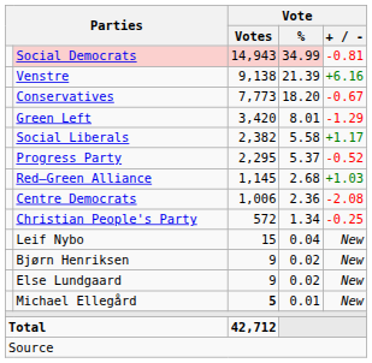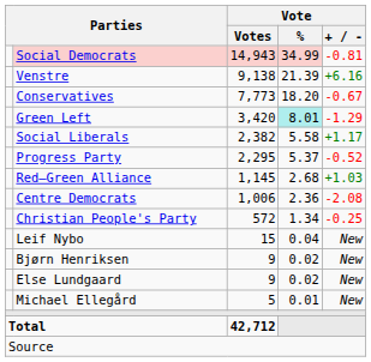 <table class="wikitable" style="text-align:right;">
 <tr>
 <th style="text-align:centre;" rowspan="2" colspan="2" width="225">Parties</th>
 <th colspan="3">Vote</th>
 </tr>
 <tr>
 <th width="15">Votes</th>
 <th width="15">%</th>
 <th width="15">+ / -</th>
 </tr>
 <tr>
 <td width="2" style="color:inherit;background:"></td>
 <td bgcolor=#fbd0ce  align="left"><a href='#'>Social Democrats</a></td>
 <td bgcolor=#fbd0ce>14,943</td>
 <td bgcolor=#fbd0ce>34.99</td>
 <td style=color:red;>-0.81</td>
 </tr>
 <tr>
 <td width="2" style="color:inherit;background:"></td>
 <td align="left"><a href='#'>Venstre</a></td>
 <td>9,138</td>
 <td>21.39</td>
 <td style=color:green;>+6.16</td>
 </tr>
 <tr>
 <td width="2" style="color:inherit;background:"></td>
 <td align="left"><a href='#'>Conservatives</a></td>
 <td>7,773</td>
 <td>18.20</td>
 <td style=color:red;>-0.67</td>
 </tr>
 <tr>
 <td width="2" style="color:inherit;background:"></td>
 <td align="left"><a href='#'>Green Left</a></td>
 <td>3,420</td>
-<td>8.01</td>
+<td style="background: paleturquoise;">8.01</td>
 <td style=color:red;>-1.29</td>
 </tr>
 <tr>
 <td width="2" style="color:inherit;background:"></td>
 <td align="left"><a href='#'>Social Liberals</a></td>
 <td>2,382</td>
 <td>5.58</td>
 <td style=color:green;>+1.17</td>
 </tr>
 <tr>
 <td width="2" style="color:inherit;background:"></td>
 <td align="left"><a href='#'>Progress Party</a></td>
 <td>2,295</td>
 <td>5.37</td>
 <td style=color:red;>-0.52</td>
 </tr>
 <tr>
 <td width="2" style="color:inherit;background:"></td>
 <td align="left"><a href='#'>Red–Green Alliance</a></td>
 <td>1,145</td>
 <td>2.68</td>
 <td style=color:green;>+1.03</td>
 </tr>
 <tr>
 <td width="2" style="color:inherit;background:"></td>
 <td align="left"><a href='#'>Centre Democrats</a></td>
 <td>1,006</td>
 <td>2.36</td>
 <td style=color:red;>-2.08</td>
 </tr>
 <tr>
 <td width="2" style="color:inherit;background:"></td>
 <td align="left"><a href='#'>Christian People's Party</a></td>
 <td>572</td>
 <td>1.34</td>
 <td style=color:red;>-0.25</td>
 </tr>
 <tr>
 <td width="2" style="color:inherit;background:"></td>
 <td align="left">Leif Nybo</td>
 <td>15</td>
 <td>0.04</td>
 <td><em>New</em></td>
 </tr>
 <tr>
 <td width="2" style="color:inherit;background:"></td>
 <td align="left">Bjørn Henriksen</td>
 <td>9</td>
 <td>0.02</td>
 <td><em>New</em></td>
 </tr>
 <tr>
 <td width="2" style="color:inherit;background:"></td>
 <td align="left">Else Lundgaard</td>
 <td>9</td>
 <td>0.02</td>
 <td><em>New</em></td>
 </tr>
 <tr>
 <td width="2" style="color:inherit;background:"></td>
 <td align="left">Michael Ellegård</td>
-<td><strong>5</strong></td>
+<td>5</td>
 <td>0.01</td>
 <td><em>New</em></td>
 </tr>
 <tr>
 <td colspan="7" bgcolor="#E9E9E9"></td>
 </tr>
 <tr>
 <td align="left" colspan="2"><strong>Total</strong></td>
 <td><strong>42,712</strong></td>
 <td bgcolor="#E9E9E9" colspan="2"></td>
 </tr>
 <tr>
 <td align="left" colspan="6">Source</td>
 </tr>
 </table>
